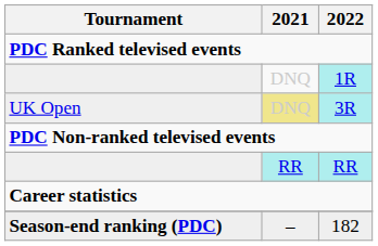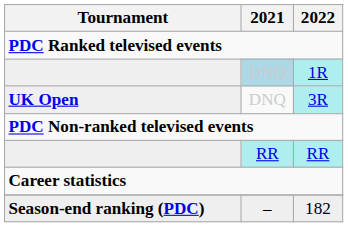 <table class="wikitable" style="width:20%; margin:0">
 <tr>
 <th>Tournament</th>
 <th>2021</th>
 <th>2022</th>
 </tr>
 <tr>
 <td colspan="4" style="text-align:left"><strong><a href='#'>PDC</a> Ranked televised events</strong></td>
 </tr>
 <tr>
 <td style="background:#efefef;"></td>
-<td style="text-align:center; color:#ccc;">DNQ</td>
+<td style="background: lightblue; text-align:center; color:#ccc;">DNQ</td>
 <td style="text-align:center; background:#afeeee;"><a href='#'>1R</a></td>
 </tr>
 <tr>
-<td style="background:#efefef;"><a href='#'>UK Open</a></td>
-<td style="background: khaki; text-align:center; color:#ccc;">DNQ</td>
+<td style="background:#efefef;"><strong><a href='#'>UK Open</a></strong></td>
+<td style="text-align:center; color:#ccc;">DNQ</td>
 <td style="text-align:center; background:#afeeee;"><a href='#'>3R</a></td>
 </tr>
 <tr>
 <td colspan="4" style="text-align:left"><strong><a href='#'>PDC</a> Non-ranked televised events</strong></td>
 </tr>
 <tr>
 <td style="background:#efefef;"></td>
 <td style="text-align:center; background:#afeeee;"><a href='#'>RR</a></td>
 <td style="text-align:center; background:#afeeee;"><a href='#'>RR</a></td>
 </tr>
 <tr>
 <td colspan="4" style="text-align:left"><strong>Career statistics</strong></td>
 </tr>
 <tr>
 </tr>
 <tr style="background:#efefef">
 <td style="text-align:left"><strong>Season-end ranking (<a href='#'>PDC</a>)</strong></td>
 <td style="text-align:center;">–</td>
 <td style="text-align:center;">182</td>
 </tr>
 </table>
